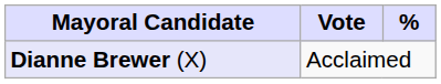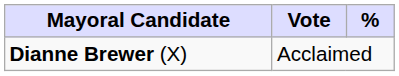 <table class="wikitable">
 <tr>
 <th style="background:#ddf; width:200px;">Mayoral Candidate</th>
 <th style="background:#ddf; width:50px;">Vote</th>
 <th style="background:#ddf; width:30px;">%</th>
 </tr>
 <tr>
-<td style="background: lavender;"><strong>Dianne Brewer</strong> (X)</td>
+<td><strong>Dianne Brewer</strong> (X)</td>
 <td colspan="2">Acclaimed</td>
 </tr>
 </table>
